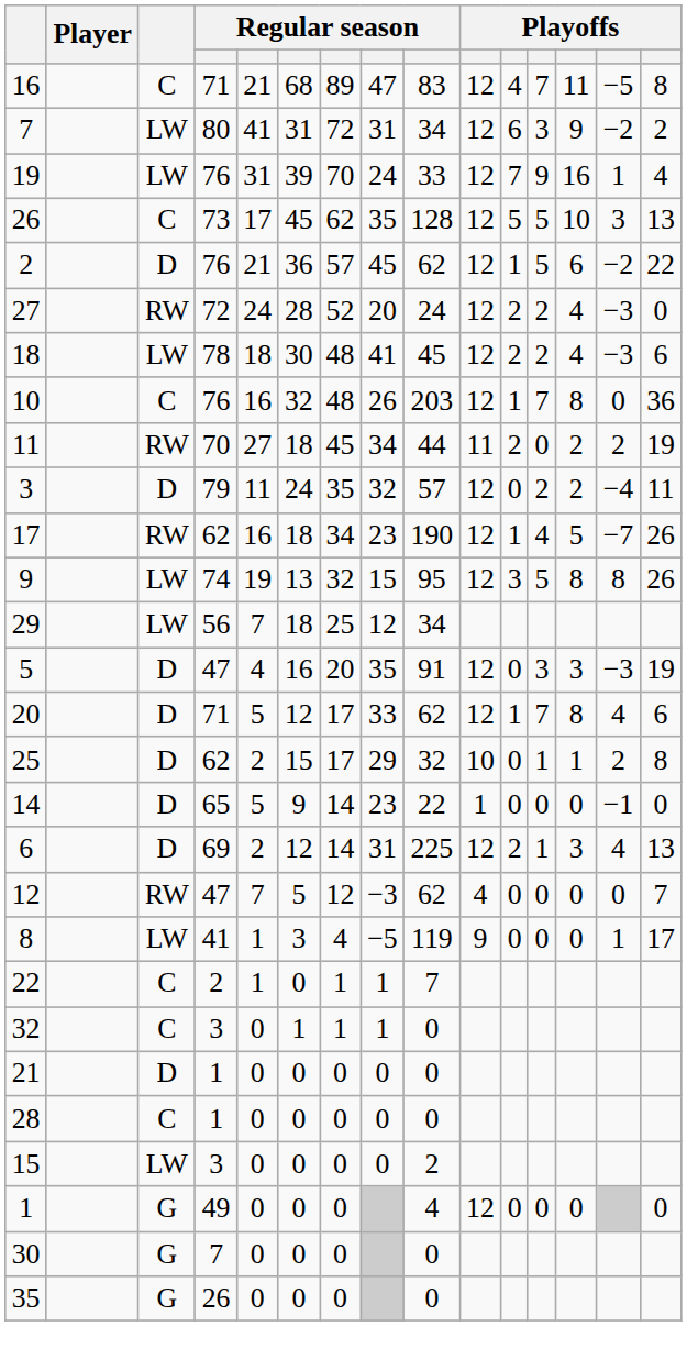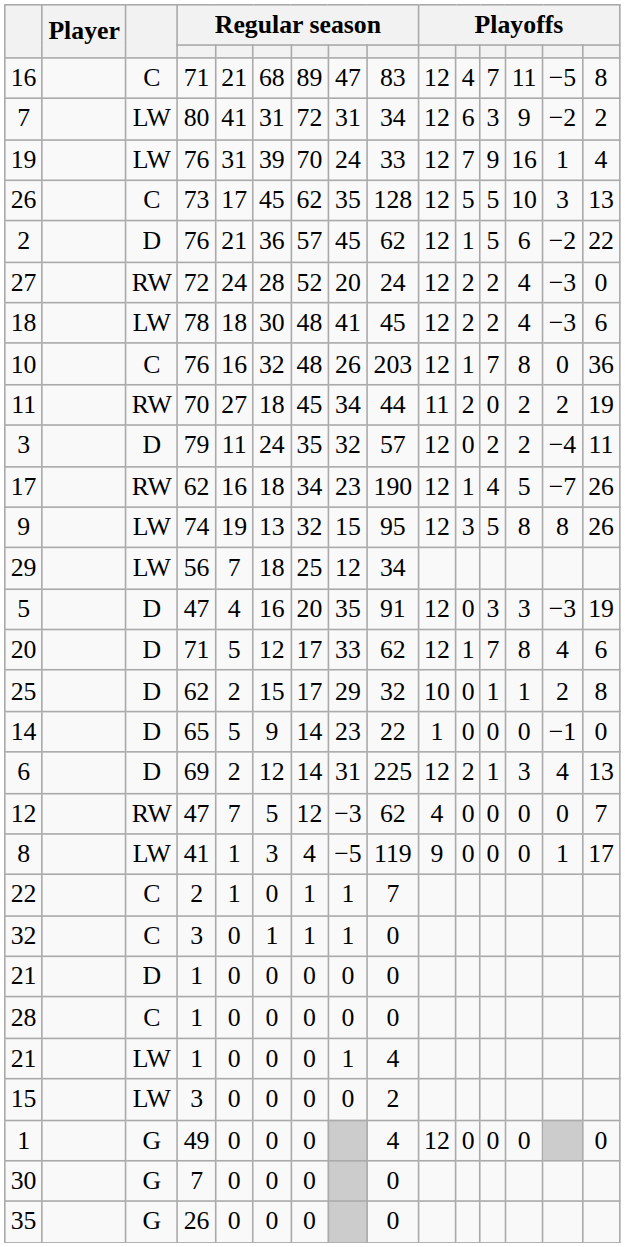 <table class="wikitable sortable plainrowheaders" style="text-align:center;">
 <tr>
 <th scope="col" data-sort-type="number" rowspan="2"></th>
 <th scope="col" rowspan="2">Player</th>
 <th scope="col" rowspan="2"></th>
 <th scope=colgroup colspan=6>Regular season</th>
 <th scope=colgroup colspan=6>Playoffs</th>
 </tr>
 <tr>
 <th scope="col" data-sort-type="number"></th>
 <th scope="col" data-sort-type="number"></th>
 <th scope="col" data-sort-type="number"></th>
 <th scope="col" data-sort-type="number"></th>
 <th scope="col" data-sort-type="number"></th>
 <th scope="col" data-sort-type="number"></th>
 <th scope="col" data-sort-type="number"></th>
 <th scope="col" data-sort-type="number"></th>
 <th scope="col" data-sort-type="number"></th>
 <th scope="col" data-sort-type="number"></th>
 <th scope="col" data-sort-type="number"></th>
 <th scope="col" data-sort-type="number"></th>
 </tr>
 <tr>
 <td scope="row">16</td>
 <td align="left"></td>
 <td>C</td>
 <td>71</td>
 <td>21</td>
 <td>68</td>
 <td>89</td>
 <td>47</td>
 <td>83</td>
 <td>12</td>
 <td>4</td>
 <td>7</td>
 <td>11</td>
 <td>−5</td>
 <td>8</td>
 </tr>
 <tr>
 <td scope="row">7</td>
 <td align="left"></td>
 <td>LW</td>
 <td>80</td>
 <td>41</td>
 <td>31</td>
 <td>72</td>
 <td>31</td>
 <td>34</td>
 <td>12</td>
 <td>6</td>
 <td>3</td>
 <td>9</td>
 <td>−2</td>
 <td>2</td>
 </tr>
 <tr>
 <td scope="row">19</td>
 <td align="left"></td>
 <td>LW</td>
 <td>76</td>
 <td>31</td>
 <td>39</td>
 <td>70</td>
 <td>24</td>
 <td>33</td>
 <td>12</td>
 <td>7</td>
 <td>9</td>
 <td>16</td>
 <td>1</td>
 <td>4</td>
 </tr>
 <tr>
 <td scope="row">26</td>
 <td align="left"></td>
 <td>C</td>
 <td>73</td>
 <td>17</td>
 <td>45</td>
 <td>62</td>
 <td>35</td>
 <td>128</td>
 <td>12</td>
 <td>5</td>
 <td>5</td>
 <td>10</td>
 <td>3</td>
 <td>13</td>
 </tr>
 <tr>
 <td scope="row">2</td>
 <td align="left"></td>
 <td>D</td>
 <td>76</td>
 <td>21</td>
 <td>36</td>
 <td>57</td>
 <td>45</td>
 <td>62</td>
 <td>12</td>
 <td>1</td>
 <td>5</td>
 <td>6</td>
 <td>−2</td>
 <td>22</td>
 </tr>
 <tr>
 <td scope="row">27</td>
 <td align="left"></td>
 <td>RW</td>
 <td>72</td>
 <td>24</td>
 <td>28</td>
 <td>52</td>
 <td>20</td>
 <td>24</td>
 <td>12</td>
 <td>2</td>
 <td>2</td>
 <td>4</td>
 <td>−3</td>
 <td>0</td>
 </tr>
 <tr>
 <td scope="row">18</td>
 <td align="left"></td>
 <td>LW</td>
 <td>78</td>
 <td>18</td>
 <td>30</td>
 <td>48</td>
 <td>41</td>
 <td>45</td>
 <td>12</td>
 <td>2</td>
 <td>2</td>
 <td>4</td>
 <td>−3</td>
 <td>6</td>
 </tr>
 <tr>
 <td scope="row">10</td>
 <td align="left"></td>
 <td>C</td>
 <td>76</td>
 <td>16</td>
 <td>32</td>
 <td>48</td>
 <td>26</td>
 <td>203</td>
 <td>12</td>
 <td>1</td>
 <td>7</td>
 <td>8</td>
 <td>0</td>
 <td>36</td>
 </tr>
 <tr>
 <td scope="row">11</td>
 <td align="left"></td>
 <td>RW</td>
 <td>70</td>
 <td>27</td>
 <td>18</td>
 <td>45</td>
 <td>34</td>
 <td>44</td>
 <td>11</td>
 <td>2</td>
 <td>0</td>
 <td>2</td>
 <td>2</td>
 <td>19</td>
 </tr>
 <tr>
 <td scope="row">3</td>
 <td align="left"></td>
 <td>D</td>
 <td>79</td>
 <td>11</td>
 <td>24</td>
 <td>35</td>
 <td>32</td>
 <td>57</td>
 <td>12</td>
 <td>0</td>
 <td>2</td>
 <td>2</td>
 <td>−4</td>
 <td>11</td>
 </tr>
 <tr>
 <td scope="row">17</td>
 <td align="left"></td>
 <td>RW</td>
 <td>62</td>
 <td>16</td>
 <td>18</td>
 <td>34</td>
 <td>23</td>
 <td>190</td>
 <td>12</td>
 <td>1</td>
 <td>4</td>
 <td>5</td>
 <td>−7</td>
 <td>26</td>
 </tr>
 <tr>
 <td scope="row">9</td>
 <td align="left"></td>
 <td>LW</td>
 <td>74</td>
 <td>19</td>
 <td>13</td>
 <td>32</td>
 <td>15</td>
 <td>95</td>
 <td>12</td>
 <td>3</td>
 <td>5</td>
 <td>8</td>
 <td>8</td>
 <td>26</td>
 </tr>
 <tr>
 <td scope="row">29</td>
 <td align="left"></td>
 <td>LW</td>
 <td>56</td>
 <td>7</td>
 <td>18</td>
 <td>25</td>
 <td>12</td>
 <td>34</td>
 <td></td>
 <td></td>
 <td></td>
 <td></td>
 <td></td>
 <td></td>
 </tr>
 <tr>
 <td scope="row">5</td>
 <td align="left"></td>
 <td>D</td>
 <td>47</td>
 <td>4</td>
 <td>16</td>
 <td>20</td>
 <td>35</td>
 <td>91</td>
 <td>12</td>
 <td>0</td>
 <td>3</td>
 <td>3</td>
 <td>−3</td>
 <td>19</td>
 </tr>
 <tr>
 <td scope="row">20</td>
 <td align="left"></td>
 <td>D</td>
 <td>71</td>
 <td>5</td>
 <td>12</td>
 <td>17</td>
 <td>33</td>
 <td>62</td>
 <td>12</td>
 <td>1</td>
 <td>7</td>
 <td>8</td>
 <td>4</td>
 <td>6</td>
 </tr>
 <tr>
 <td scope="row">25</td>
 <td align="left"></td>
 <td>D</td>
 <td>62</td>
 <td>2</td>
 <td>15</td>
 <td>17</td>
 <td>29</td>
 <td>32</td>
 <td>10</td>
 <td>0</td>
 <td>1</td>
 <td>1</td>
 <td>2</td>
 <td>8</td>
 </tr>
 <tr>
 <td scope="row">14</td>
 <td align="left"></td>
 <td>D</td>
 <td>65</td>
 <td>5</td>
 <td>9</td>
 <td>14</td>
 <td>23</td>
 <td>22</td>
 <td>1</td>
 <td>0</td>
 <td>0</td>
 <td>0</td>
 <td>−1</td>
 <td>0</td>
 </tr>
 <tr>
 <td scope="row">6</td>
 <td align="left"></td>
 <td>D</td>
 <td>69</td>
 <td>2</td>
 <td>12</td>
 <td>14</td>
 <td>31</td>
 <td>225</td>
 <td>12</td>
 <td>2</td>
 <td>1</td>
 <td>3</td>
 <td>4</td>
 <td>13</td>
 </tr>
 <tr>
 <td scope="row">12</td>
 <td align="left"></td>
 <td>RW</td>
 <td>47</td>
 <td>7</td>
 <td>5</td>
 <td>12</td>
 <td>−3</td>
 <td>62</td>
 <td>4</td>
 <td>0</td>
 <td>0</td>
 <td>0</td>
 <td>0</td>
 <td>7</td>
 </tr>
 <tr>
 <td scope="row">8</td>
 <td align="left"></td>
 <td>LW</td>
 <td>41</td>
 <td>1</td>
 <td>3</td>
 <td>4</td>
 <td>−5</td>
 <td>119</td>
 <td>9</td>
 <td>0</td>
 <td>0</td>
 <td>0</td>
 <td>1</td>
 <td>17</td>
 </tr>
 <tr>
 <td scope="row">22</td>
 <td align="left"></td>
 <td>C</td>
 <td>2</td>
 <td>1</td>
 <td>0</td>
 <td>1</td>
 <td>1</td>
 <td>7</td>
 <td></td>
 <td></td>
 <td></td>
 <td></td>
 <td></td>
 <td></td>
 </tr>
 <tr>
 <td scope="row">32</td>
 <td align="left"></td>
 <td>C</td>
 <td>3</td>
 <td>0</td>
 <td>1</td>
 <td>1</td>
 <td>1</td>
 <td>0</td>
 <td></td>
 <td></td>
 <td></td>
 <td></td>
 <td></td>
 <td></td>
 </tr>
 <tr>
 <td scope="row">21</td>
 <td align="left"></td>
 <td>D</td>
 <td>1</td>
 <td>0</td>
 <td>0</td>
 <td>0</td>
 <td>0</td>
 <td>0</td>
 <td></td>
 <td></td>
 <td></td>
 <td></td>
 <td></td>
 <td></td>
 </tr>
 <tr>
 <td scope="row">28</td>
 <td align="left"></td>
 <td>C</td>
 <td>1</td>
 <td>0</td>
 <td>0</td>
 <td>0</td>
 <td>0</td>
 <td>0</td>
 <td></td>
 <td></td>
 <td></td>
 <td></td>
 <td></td>
 <td></td>
 </tr>
 <tr>
+<td scope="row">21</td>
+<td align="left"></td>
+<td>LW</td>
+<td>1</td>
+<td>0</td>
+<td>0</td>
+<td>0</td>
+<td>1</td>
+<td>4</td>
+<td></td>
+<td></td>
+<td></td>
+<td></td>
+<td></td>
+<td></td>
+</tr>
+<tr>
 <td scope="row">15</td>
 <td align="left"></td>
 <td>LW</td>
 <td>3</td>
 <td>0</td>
 <td>0</td>
 <td>0</td>
 <td>0</td>
 <td>2</td>
 <td></td>
 <td></td>
 <td></td>
 <td></td>
 <td></td>
 <td></td>
 </tr>
 <tr>
 <td scope="row">1</td>
 <td align="left"></td>
 <td>G</td>
 <td>49</td>
 <td>0</td>
 <td>0</td>
 <td>0</td>
 <td style="background:#ccc"></td>
 <td>4</td>
 <td>12</td>
 <td>0</td>
 <td>0</td>
 <td>0</td>
 <td style="background:#ccc"></td>
 <td>0</td>
 </tr>
 <tr>
 <td scope="row">30</td>
 <td align="left"></td>
 <td>G</td>
 <td>7</td>
 <td>0</td>
 <td>0</td>
 <td>0</td>
 <td style="background:#ccc"></td>
 <td>0</td>
 <td></td>
 <td></td>
 <td></td>
 <td></td>
 <td></td>
 <td></td>
 </tr>
 <tr>
 <td scope="row">35</td>
 <td align="left"></td>
 <td>G</td>
 <td>26</td>
 <td>0</td>
 <td>0</td>
 <td>0</td>
 <td style="background:#ccc"></td>
 <td>0</td>
 <td></td>
 <td></td>
 <td></td>
 <td></td>
 <td></td>
 <td></td>
 </tr>
 </table>
